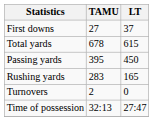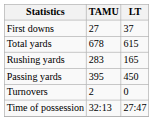 <table class="wikitable">
 <tr>
 <th>Statistics</th>
 <th>TAMU</th>
 <th>LT</th>
 </tr>
 <tr>
 <td>First downs</td>
 <td>27</td>
 <td>37</td>
 </tr>
 <tr>
 <td>Total yards</td>
 <td>678</td>
 <td>615</td>
 </tr>
 <tr>
+<td>Rushing yards</td>
+<td>283</td>
+<td>165</td>
+</tr>
+<tr>
 <td>Passing yards</td>
 <td>395</td>
 <td>450</td>
-</tr>
-<tr>
-<td>Rushing yards</td>
-<td>283</td>
-<td>165</td>
 </tr>
 <tr>
 <td>Turnovers</td>
 <td>2</td>
 <td>0</td>
 </tr>
 <tr>
 <td>Time of possession</td>
 <td>32:13</td>
 <td>27:47</td>
 </tr>
 <tr>
 </tr>
 </table>
